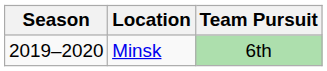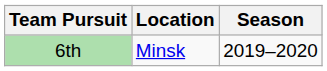 <table class="wikitable" style="display: inline-table;">
 <tr>
+<th colspan="1">Team Pursuit</th>
+<th>Location</th>
 <th>Season</th>
-<th>Location</th>
-<th colspan="1">Team Pursuit</th>
 </tr>
 <tr style="text-align:center">
+<td style="background:#addfad;">6th</td>
+<td align=left> <a href='#'>Minsk</a></td>
 <td>2019–2020</td>
-<td align=left> <a href='#'>Minsk</a></td>
-<td style="background:#addfad;">6th</td>
 </tr>
 </table>
